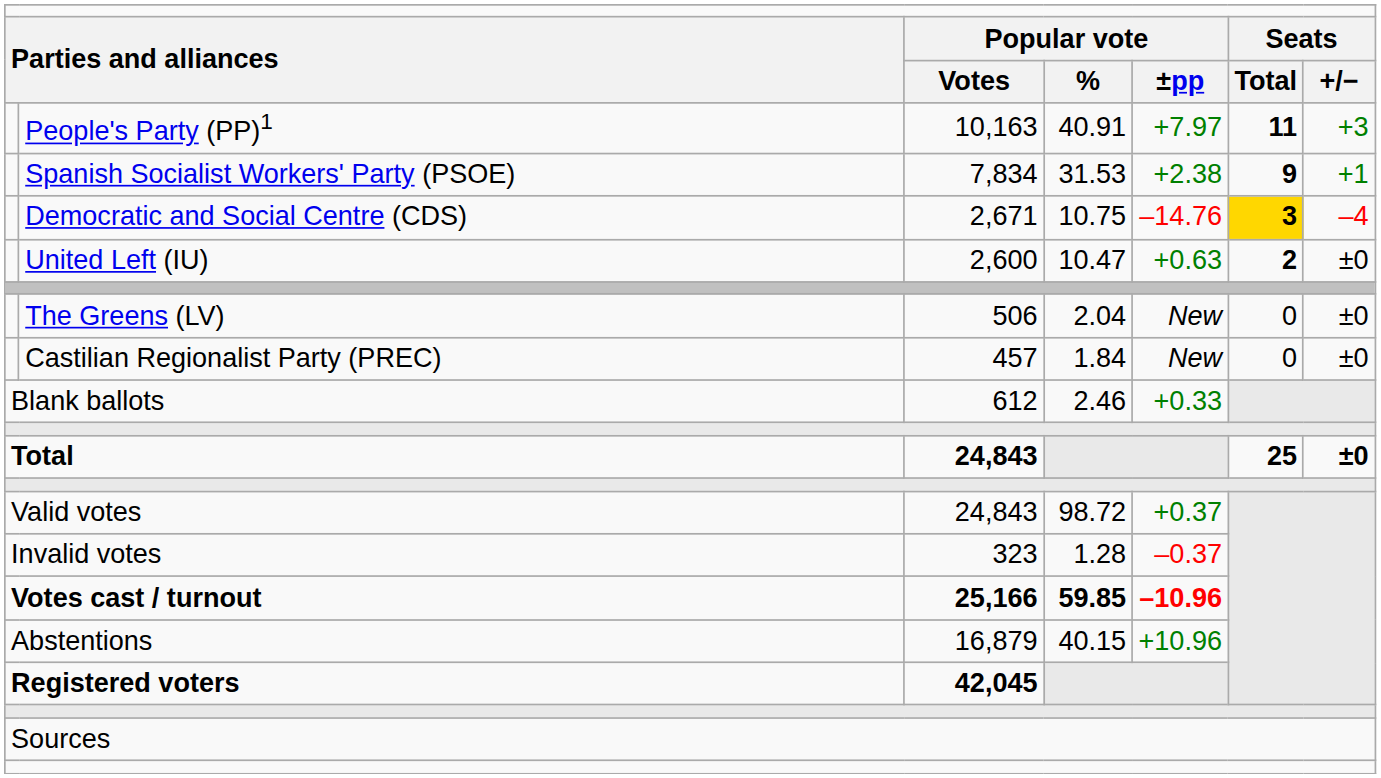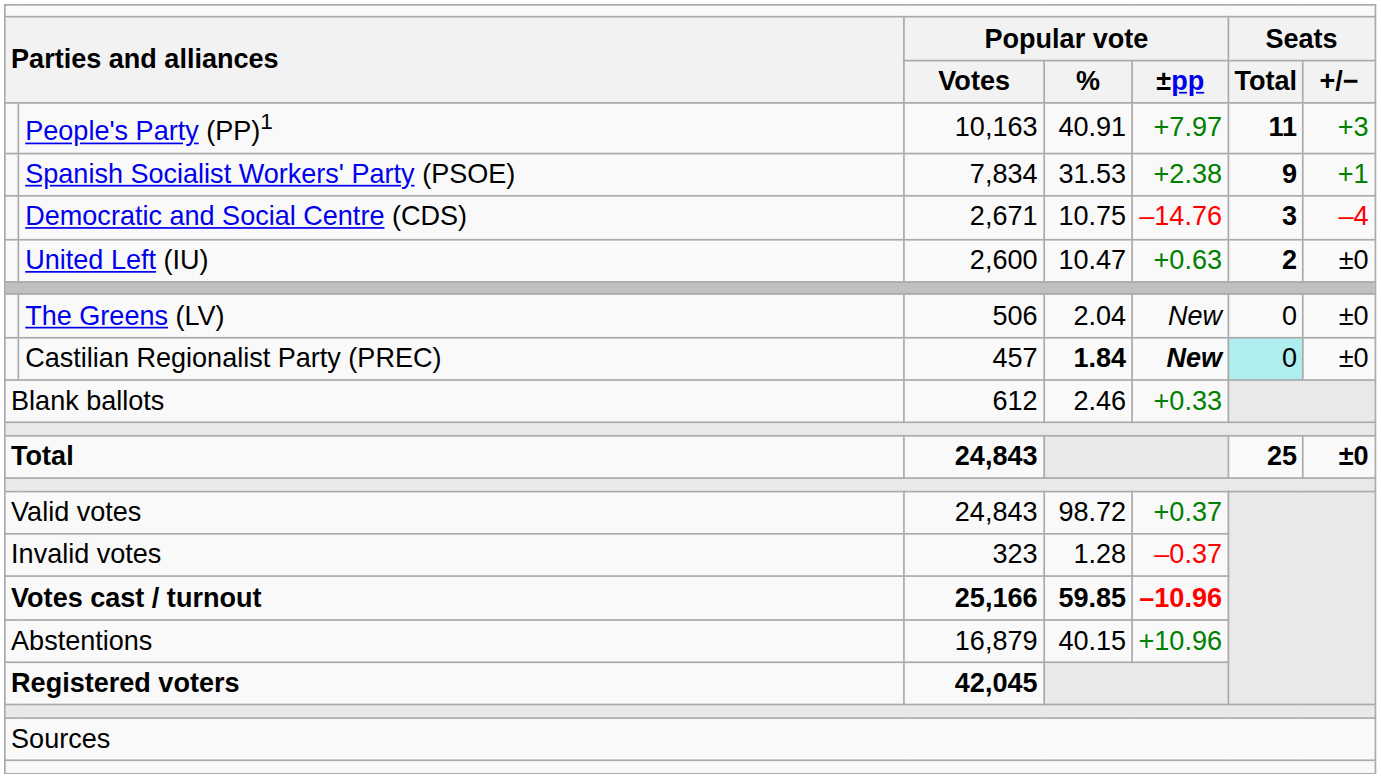 <table class="wikitable" style="text-align:right;">
 <tr>
 <td colspan="7"></td>
 </tr>
 <tr>
 <th style="text-align:left;" rowspan="2" colspan="2" width="525">Parties and alliances</th>
 <th colspan="3">Popular vote</th>
 <th colspan="2">Seats</th>
 </tr>
 <tr>
 <th width="75">Votes</th>
 <th width="45">%</th>
 <th width="45">±<a href='#'>pp</a></th>
 <th width="35">Total</th>
 <th width="35">+/−</th>
 </tr>
 <tr>
 <td width="1" style="color:inherit;background:"></td>
 <td align="left"><a href='#'>People's Party</a> (PP)<sup>1</sup></td>
 <td>10,163</td>
 <td>40.91</td>
 <td style="color:green;">+7.97</td>
 <td><strong>11</strong></td>
 <td style="color:green;">+3</td>
 </tr>
 <tr>
 <td style="color:inherit;background:"></td>
 <td align="left"><a href='#'>Spanish Socialist Workers' Party</a> (PSOE)</td>
 <td>7,834</td>
 <td>31.53</td>
 <td style="color:green;">+2.38</td>
 <td><strong>9</strong></td>
 <td style="color:green;">+1</td>
 </tr>
 <tr>
 <td style="color:inherit;background:"></td>
 <td align="left"><a href='#'>Democratic and Social Centre</a> (CDS)</td>
 <td>2,671</td>
 <td>10.75</td>
 <td style="color:red;">–14.76</td>
-<td style="background: gold;"><strong>3</strong></td>
+<td><strong>3</strong></td>
 <td style="color:red;">–4</td>
 </tr>
 <tr>
 <td style="color:inherit;background:"></td>
 <td align="left"><a href='#'>United Left</a> (IU)</td>
 <td>2,600</td>
 <td>10.47</td>
 <td style="color:green;">+0.63</td>
 <td><strong>2</strong></td>
 <td>±0</td>
 </tr>
 <tr>
 <td colspan="7" bgcolor="#C0C0C0"></td>
 </tr>
 <tr>
 <td style="color:inherit;background:"></td>
 <td align="left"><a href='#'>The Greens</a> (LV)</td>
 <td>506</td>
 <td>2.04</td>
 <td><em>New</em></td>
 <td>0</td>
 <td>±0</td>
 </tr>
 <tr>
 <td style="color:inherit;background:"></td>
 <td align="left">Castilian Regionalist Party (PREC)</td>
 <td>457</td>
-<td>1.84</td>
-<td><em>New</em></td>
-<td>0</td>
+<td><strong>1.84</strong></td>
+<td><strong><em>New</em></strong></td>
+<td style="background: paleturquoise;">0</td>
 <td>±0</td>
 </tr>
 <tr>
 <td align="left" colspan="2">Blank ballots</td>
 <td>612</td>
 <td>2.46</td>
 <td style="color:green;">+0.33</td>
 <td bgcolor="#E9E9E9" colspan="2"></td>
 </tr>
 <tr>
 <td colspan="7" bgcolor="#E9E9E9"></td>
 </tr>
 <tr style="font-weight:bold;">
 <td align="left" colspan="2">Total</td>
 <td>24,843</td>
 <td bgcolor="#E9E9E9" colspan="2"></td>
 <td>25</td>
 <td>±0</td>
 </tr>
 <tr>
 <td colspan="7" bgcolor="#E9E9E9"></td>
 </tr>
 <tr>
 <td align="left" colspan="2">Valid votes</td>
 <td>24,843</td>
 <td>98.72</td>
 <td style="color:green;">+0.37</td>
 <td bgcolor="#E9E9E9" colspan="2" rowspan="5"></td>
 </tr>
 <tr>
 <td align="left" colspan="2">Invalid votes</td>
 <td>323</td>
 <td>1.28</td>
 <td style="color:red;">–0.37</td>
 </tr>
 <tr style="font-weight:bold;">
 <td align="left" colspan="2">Votes cast / turnout</td>
 <td>25,166</td>
 <td>59.85</td>
 <td style="color:red;">–10.96</td>
 </tr>
 <tr>
 <td align="left" colspan="2">Abstentions</td>
 <td>16,879</td>
 <td>40.15</td>
 <td style="color:green;">+10.96</td>
 </tr>
 <tr style="font-weight:bold;">
 <td align="left" colspan="2">Registered voters</td>
 <td>42,045</td>
 <td bgcolor="#E9E9E9" colspan="2"></td>
 </tr>
 <tr>
 <td colspan="7" bgcolor="#E9E9E9"></td>
 </tr>
 <tr>
 <td align="left" colspan="7">Sources</td>
 </tr>
 <tr>
 <td colspan="7" style="text-align:left; max-width:790px;"></td>
 </tr>
 </table>
